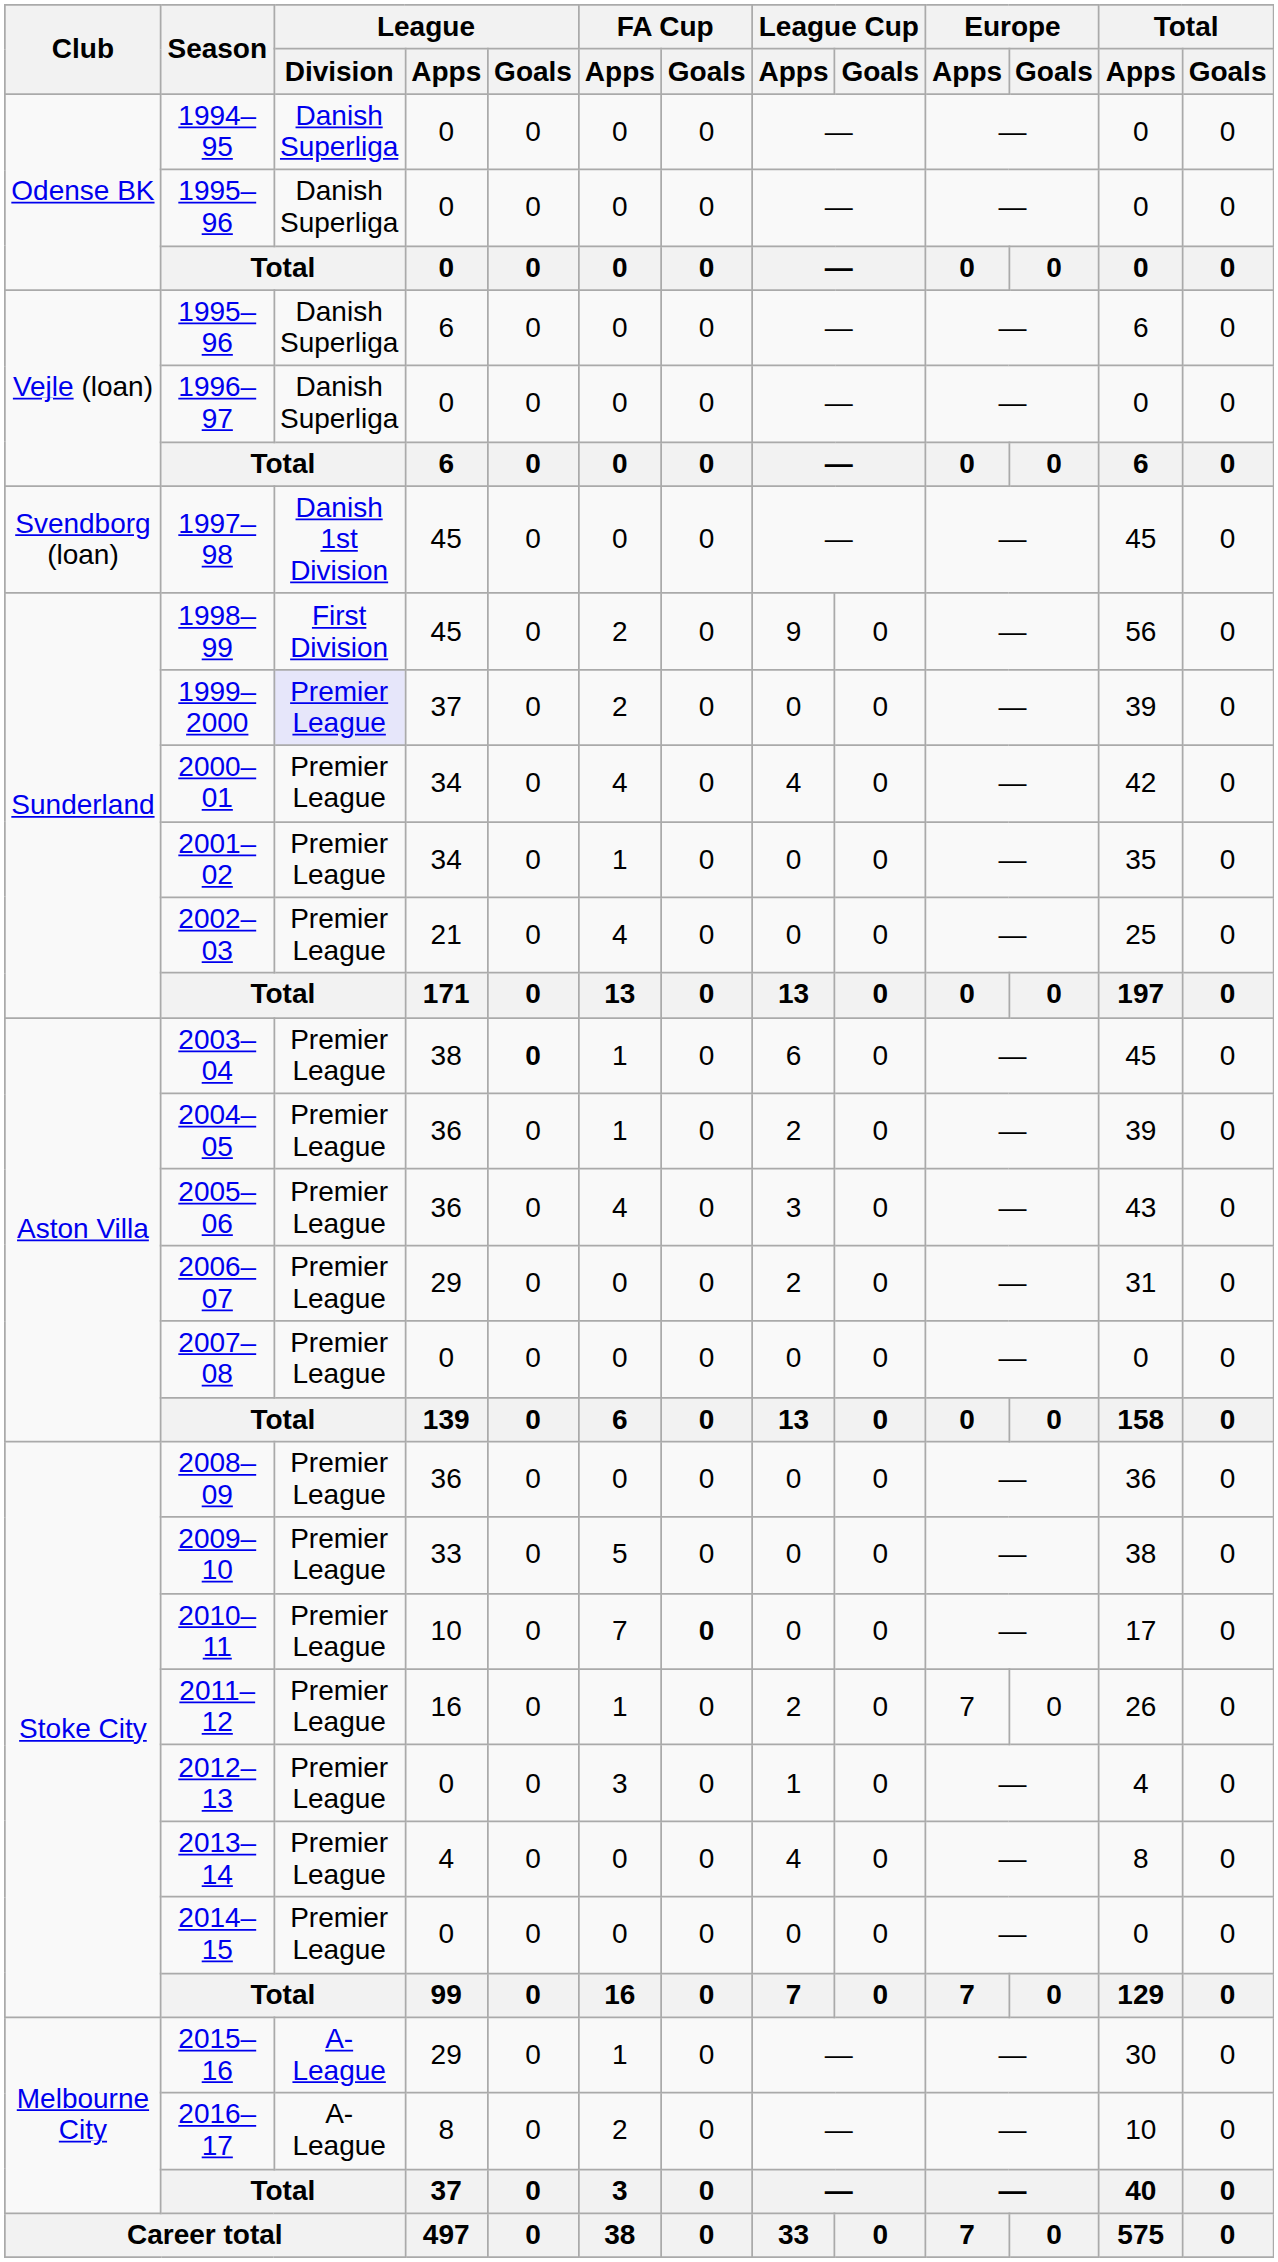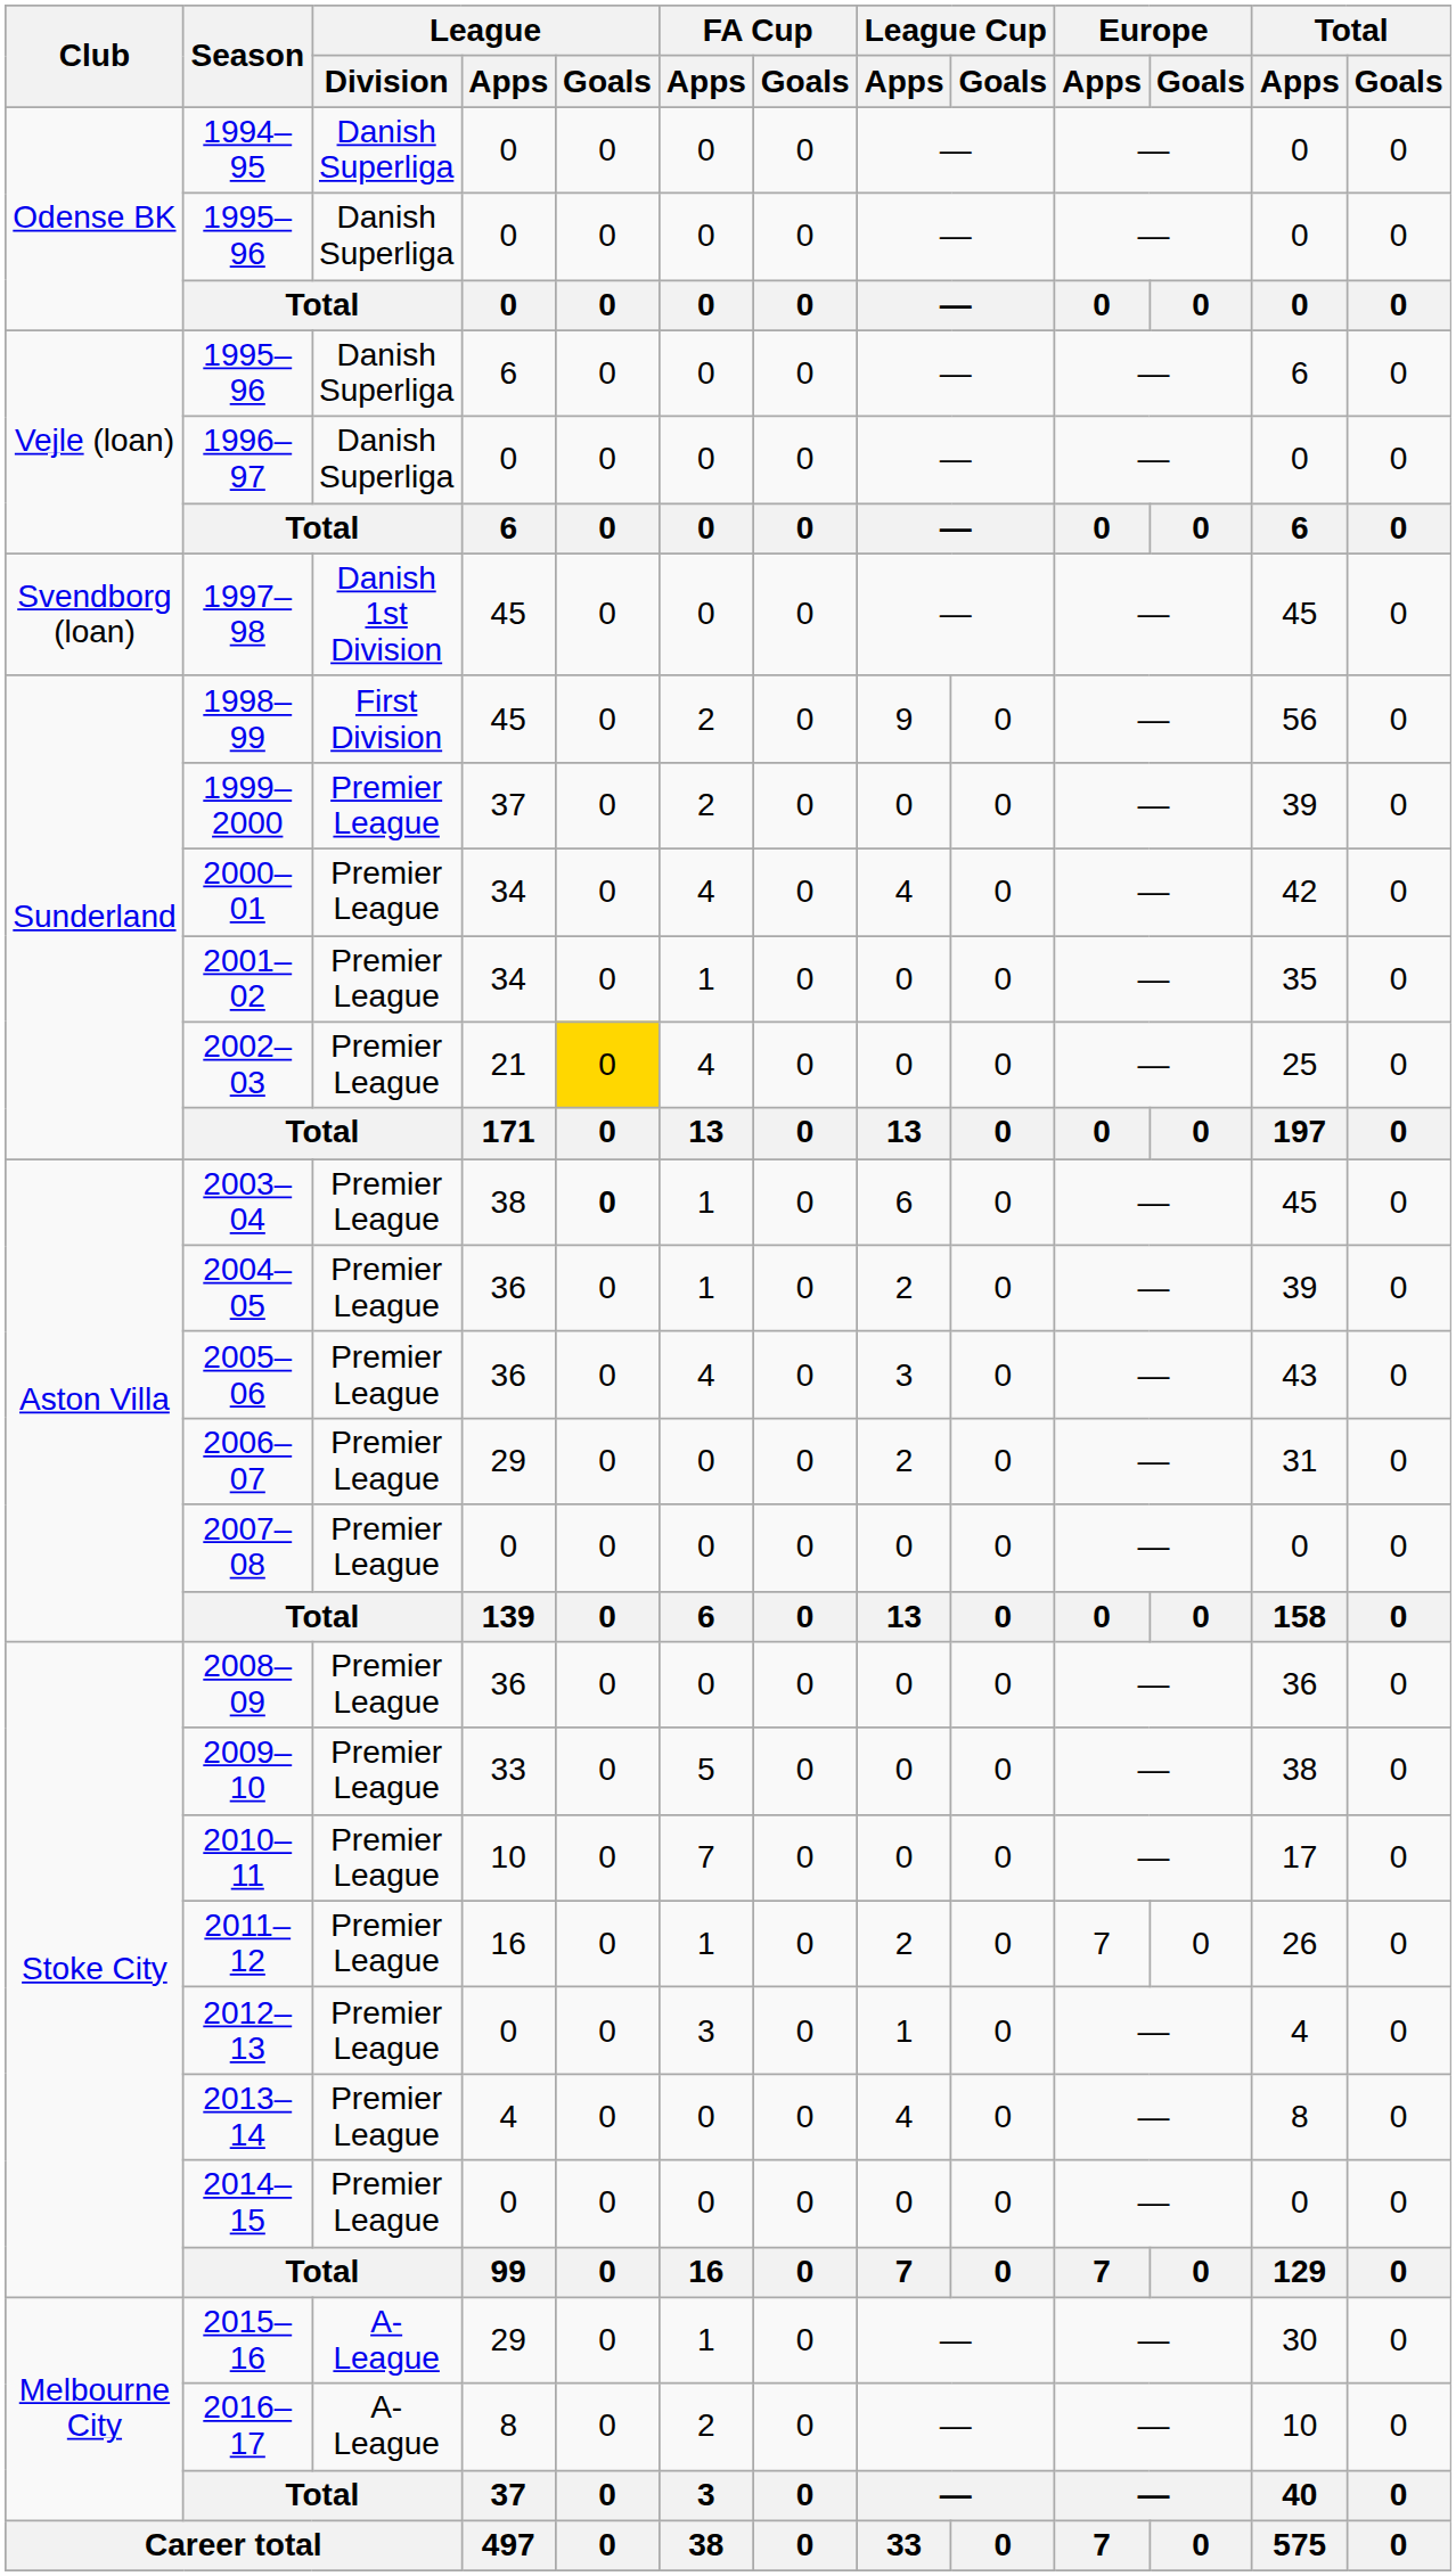 <table class="wikitable" style="text-align:center">
 <tr>
 <th rowspan="2">Club</th>
 <th rowspan="2">Season</th>
 <th colspan="3">League</th>
 <th colspan="2">FA Cup</th>
 <th colspan="2">League Cup</th>
 <th colspan="2">Europe</th>
 <th colspan="2">Total</th>
 </tr>
 <tr>
 <th>Division</th>
 <th>Apps</th>
 <th>Goals</th>
 <th>Apps</th>
 <th>Goals</th>
 <th>Apps</th>
 <th>Goals</th>
 <th>Apps</th>
 <th>Goals</th>
 <th>Apps</th>
 <th>Goals</th>
 </tr>
 <tr>
 <td rowspan="3"><a href='#'>Odense BK</a></td>
 <td><a href='#'>1994–95</a></td>
 <td><a href='#'>Danish Superliga</a></td>
 <td>0</td>
 <td>0</td>
 <td>0</td>
 <td>0</td>
 <td colspan="2">—</td>
 <td colspan="2">—</td>
 <td>0</td>
 <td>0</td>
 </tr>
 <tr>
 <td><a href='#'>1995–96</a></td>
 <td>Danish Superliga</td>
 <td>0</td>
 <td>0</td>
 <td>0</td>
 <td>0</td>
 <td colspan="2">—</td>
 <td colspan="2">—</td>
 <td>0</td>
 <td>0</td>
 </tr>
 <tr>
 <th colspan="2">Total</th>
 <th>0</th>
 <th>0</th>
 <th>0</th>
 <th>0</th>
 <th colspan="2">—</th>
 <th>0</th>
 <th>0</th>
 <th>0</th>
 <th>0</th>
 </tr>
 <tr>
 <td rowspan="3"><a href='#'>Vejle</a> (loan)</td>
 <td><a href='#'>1995–96</a></td>
 <td>Danish Superliga</td>
 <td>6</td>
 <td>0</td>
 <td>0</td>
 <td>0</td>
 <td colspan="2">—</td>
 <td colspan="2">—</td>
 <td>6</td>
 <td>0</td>
 </tr>
 <tr>
 <td><a href='#'>1996–97</a></td>
 <td>Danish Superliga</td>
 <td>0</td>
 <td>0</td>
 <td>0</td>
 <td>0</td>
 <td colspan="2">—</td>
 <td colspan="2">—</td>
 <td>0</td>
 <td>0</td>
 </tr>
 <tr>
 <th colspan="2">Total</th>
 <th>6</th>
 <th>0</th>
 <th>0</th>
 <th>0</th>
 <th colspan="2">—</th>
 <th>0</th>
 <th>0</th>
 <th>6</th>
 <th>0</th>
 </tr>
 <tr>
 <td><a href='#'>Svendborg</a> (loan)</td>
 <td><a href='#'>1997–98</a></td>
 <td><a href='#'>Danish 1st Division</a></td>
 <td>45</td>
 <td>0</td>
 <td>0</td>
 <td>0</td>
 <td colspan="2">—</td>
 <td colspan="2">—</td>
 <td>45</td>
 <td>0</td>
 </tr>
 <tr>
 <td rowspan="6"><a href='#'>Sunderland</a></td>
 <td><a href='#'>1998–99</a></td>
 <td><a href='#'>First Division</a></td>
 <td>45</td>
 <td>0</td>
 <td>2</td>
 <td>0</td>
 <td>9</td>
 <td>0</td>
 <td colspan="2">—</td>
 <td>56</td>
 <td>0</td>
 </tr>
 <tr>
 <td><a href='#'>1999–2000</a></td>
-<td style="background: lavender;"><a href='#'>Premier League</a></td>
+<td><a href='#'>Premier League</a></td>
 <td>37</td>
 <td>0</td>
 <td>2</td>
 <td>0</td>
 <td>0</td>
 <td>0</td>
 <td colspan="2">—</td>
 <td>39</td>
 <td>0</td>
 </tr>
 <tr>
 <td><a href='#'>2000–01</a></td>
 <td>Premier League</td>
 <td>34</td>
 <td>0</td>
 <td>4</td>
 <td>0</td>
 <td>4</td>
 <td>0</td>
 <td colspan="2">—</td>
 <td>42</td>
 <td>0</td>
 </tr>
 <tr>
 <td><a href='#'>2001–02</a></td>
 <td>Premier League</td>
 <td>34</td>
 <td>0</td>
 <td>1</td>
 <td>0</td>
 <td>0</td>
 <td>0</td>
 <td colspan="2">—</td>
 <td>35</td>
 <td>0</td>
 </tr>
 <tr>
 <td><a href='#'>2002–03</a></td>
 <td>Premier League</td>
 <td>21</td>
-<td>0</td>
+<td style="background: gold;">0</td>
 <td>4</td>
 <td>0</td>
 <td>0</td>
 <td>0</td>
 <td colspan="2">—</td>
 <td>25</td>
 <td>0</td>
 </tr>
 <tr>
 <th colspan="2">Total</th>
 <th>171</th>
 <th>0</th>
 <th>13</th>
 <th>0</th>
 <th>13</th>
 <th>0</th>
 <th>0</th>
 <th>0</th>
 <th>197</th>
 <th>0</th>
 </tr>
 <tr>
 <td rowspan="6"><a href='#'>Aston Villa</a></td>
 <td><a href='#'>2003–04</a></td>
 <td>Premier League</td>
 <td>38</td>
 <td><strong>0</strong></td>
 <td>1</td>
 <td>0</td>
 <td>6</td>
 <td>0</td>
 <td colspan="2">—</td>
 <td>45</td>
 <td>0</td>
 </tr>
 <tr>
 <td><a href='#'>2004–05</a></td>
 <td>Premier League</td>
 <td>36</td>
 <td>0</td>
 <td>1</td>
 <td>0</td>
 <td>2</td>
 <td>0</td>
 <td colspan="2">—</td>
 <td>39</td>
 <td>0</td>
 </tr>
 <tr>
 <td><a href='#'>2005–06</a></td>
 <td>Premier League</td>
 <td>36</td>
 <td>0</td>
 <td>4</td>
 <td>0</td>
 <td>3</td>
 <td>0</td>
 <td colspan="2">—</td>
 <td>43</td>
 <td>0</td>
 </tr>
 <tr>
 <td><a href='#'>2006–07</a></td>
 <td>Premier League</td>
 <td>29</td>
 <td>0</td>
 <td>0</td>
 <td>0</td>
 <td>2</td>
 <td>0</td>
 <td colspan="2">—</td>
 <td>31</td>
 <td>0</td>
 </tr>
 <tr>
 <td><a href='#'>2007–08</a></td>
 <td>Premier League</td>
 <td>0</td>
 <td>0</td>
 <td>0</td>
 <td>0</td>
 <td>0</td>
 <td>0</td>
 <td colspan="2">—</td>
 <td>0</td>
 <td>0</td>
 </tr>
 <tr>
 <th colspan="2">Total</th>
 <th>139</th>
 <th>0</th>
 <th>6</th>
 <th>0</th>
 <th>13</th>
 <th>0</th>
 <th>0</th>
 <th>0</th>
 <th>158</th>
 <th>0</th>
 </tr>
 <tr>
 <td rowspan="8"><a href='#'>Stoke City</a></td>
 <td><a href='#'>2008–09</a></td>
 <td>Premier League</td>
 <td>36</td>
 <td>0</td>
 <td>0</td>
 <td>0</td>
 <td>0</td>
 <td>0</td>
 <td colspan="2">—</td>
 <td>36</td>
 <td>0</td>
 </tr>
 <tr>
 <td><a href='#'>2009–10</a></td>
 <td>Premier League</td>
 <td>33</td>
 <td>0</td>
 <td>5</td>
 <td>0</td>
 <td>0</td>
 <td>0</td>
 <td colspan="2">—</td>
 <td>38</td>
 <td>0</td>
 </tr>
 <tr>
 <td><a href='#'>2010–11</a></td>
 <td>Premier League</td>
 <td>10</td>
 <td>0</td>
 <td>7</td>
-<td><strong>0</strong></td>
+<td>0</td>
 <td>0</td>
 <td>0</td>
 <td colspan="2">—</td>
 <td>17</td>
 <td>0</td>
 </tr>
 <tr>
 <td><a href='#'>2011–12</a></td>
 <td>Premier League</td>
 <td>16</td>
 <td>0</td>
 <td>1</td>
 <td>0</td>
 <td>2</td>
 <td>0</td>
 <td>7</td>
 <td>0</td>
 <td>26</td>
 <td>0</td>
 </tr>
 <tr>
 <td><a href='#'>2012–13</a></td>
 <td>Premier League</td>
 <td>0</td>
 <td>0</td>
 <td>3</td>
 <td>0</td>
 <td>1</td>
 <td>0</td>
 <td colspan="2">—</td>
 <td>4</td>
 <td>0</td>
 </tr>
 <tr>
 <td><a href='#'>2013–14</a></td>
 <td>Premier League</td>
 <td>4</td>
 <td>0</td>
 <td>0</td>
 <td>0</td>
 <td>4</td>
 <td>0</td>
 <td colspan="2">—</td>
 <td>8</td>
 <td>0</td>
 </tr>
 <tr>
 <td><a href='#'>2014–15</a></td>
 <td>Premier League</td>
 <td>0</td>
 <td>0</td>
 <td>0</td>
 <td>0</td>
 <td>0</td>
 <td>0</td>
 <td colspan="2">—</td>
 <td>0</td>
 <td>0</td>
 </tr>
 <tr>
 <th colspan="2">Total</th>
 <th>99</th>
 <th>0</th>
 <th>16</th>
 <th>0</th>
 <th>7</th>
 <th>0</th>
 <th>7</th>
 <th>0</th>
 <th>129</th>
 <th>0</th>
 </tr>
 <tr>
 <td rowspan=3><a href='#'>Melbourne City</a></td>
 <td><a href='#'>2015–16</a></td>
 <td><a href='#'>A-League</a></td>
 <td>29</td>
 <td>0</td>
 <td>1</td>
 <td>0</td>
 <td colspan="2">—</td>
 <td colspan="2">—</td>
 <td>30</td>
 <td>0</td>
 </tr>
 <tr>
 <td><a href='#'>2016–17</a></td>
 <td>A-League</td>
 <td>8</td>
 <td>0</td>
 <td>2</td>
 <td>0</td>
 <td colspan="2">—</td>
 <td colspan="2">—</td>
 <td>10</td>
 <td>0</td>
 </tr>
 <tr>
 <th colspan="2">Total</th>
 <th>37</th>
 <th>0</th>
 <th>3</th>
 <th>0</th>
 <th colspan="2">—</th>
 <th colspan="2">—</th>
 <th>40</th>
 <th>0</th>
 </tr>
 <tr>
 <th colspan="3">Career total</th>
 <th>497</th>
 <th>0</th>
 <th>38</th>
 <th>0</th>
 <th>33</th>
 <th>0</th>
 <th>7</th>
 <th>0</th>
 <th>575</th>
 <th>0</th>
 </tr>
 </table>
